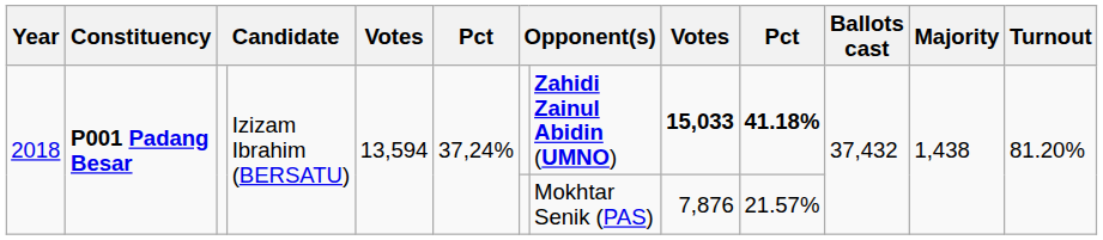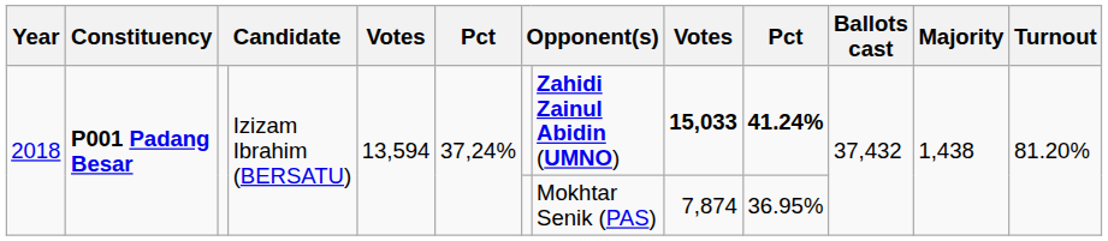 <table class="wikitable" style="margin:0.5em ; font-size:95%">
 <tr>
 <th>Year</th>
 <th>Constituency</th>
 <th colspan="2">Candidate</th>
 <th>Votes</th>
 <th>Pct</th>
 <th colspan="2">Opponent(s)</th>
 <th>Votes</th>
 <th>Pct</th>
 <th>Ballots cast</th>
 <th>Majority</th>
 <th>Turnout</th>
 </tr>
 <tr>
 <td rowspan="2"><a href='#'>2018</a></td>
 <td rowspan="2"><strong>P001 <a href='#'>Padang Besar</a></strong></td>
 <td rowspan="2" ></td>
 <td rowspan="2">Izizam Ibrahim (<a href='#'>BERSATU</a>)</td>
 <td rowspan="2" align="right">13,594</td>
 <td rowspan="2" align="right">37,24%</td>
 <td></td>
 <td><strong><a href='#'>Zahidi Zainul Abidin</a></strong>  (<a href='#'><strong>UMNO</strong></a>)</td>
 <td align="right"><strong>15,033</strong></td>
-<td align="right"><strong>41.18%</strong></td>
+<td align="right"><strong>41.24%</strong></td>
 <td rowspan="2">37,432</td>
 <td rowspan="2">1,438</td>
 <td rowspan="2">81.20%</td>
 </tr>
 <tr>
 <td></td>
 <td>Mokhtar Senik (<a href='#'>PAS</a>)</td>
-<td align="right">7,876</td>
-<td align="right">21.57%</td>
+<td align="right">7,874</td>
+<td align="right">36.95%</td>
 </tr>
 </table>
